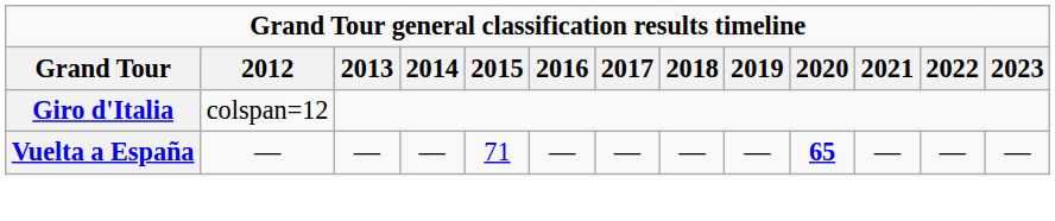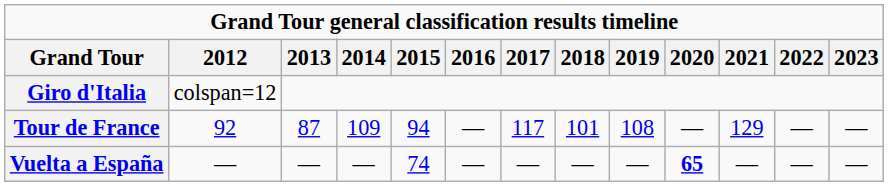 <table class="wikitable plainrowheaders">
 <tr>
 <td colspan=13 align="center"><strong>Grand Tour general classification results timeline</strong></td>
 </tr>
 <tr>
 <th scope="col">Grand Tour</th>
 <th scope="col">2012</th>
 <th scope="col">2013</th>
 <th scope="col">2014</th>
 <th scope="col">2015</th>
 <th scope="col">2016</th>
 <th scope="col">2017</th>
 <th scope="col">2018</th>
 <th scope="col">2019</th>
 <th scope="col">2020</th>
 <th scope="col">2021</th>
 <th scope="col">2022</th>
 <th scope="col">2023</th>
 </tr>
 <tr style="text-align:center;">
 <th scope="row"> <a href='#'>Giro d'Italia</a></th>
 <td>colspan=12 </td>
 </tr>
 <tr style="text-align:center;">
+<th scope="row"> <a href='#'>Tour de France</a></th>
+<td><a href='#'>92</a></td>
+<td><a href='#'>87</a></td>
+<td><a href='#'>109</a></td>
+<td><a href='#'>94</a></td>
+<td>—</td>
+<td><a href='#'>117</a></td>
+<td><a href='#'>101</a></td>
+<td><a href='#'>108</a></td>
+<td>—</td>
+<td><a href='#'>129</a></td>
+<td>—</td>
+<td>—</td>
+</tr>
+<tr style="text-align:center;">
 <th scope="row"> <a href='#'>Vuelta a España</a></th>
 <td>—</td>
 <td>—</td>
 <td>—</td>
-<td><a href='#'>71</a></td>
+<td><a href='#'>74</a></td>
 <td>—</td>
 <td>—</td>
 <td>—</td>
 <td>—</td>
 <td><strong><a href='#'>65</a></strong></td>
 <td>—</td>
 <td>—</td>
 <td>—</td>
 </tr>
 </table>
